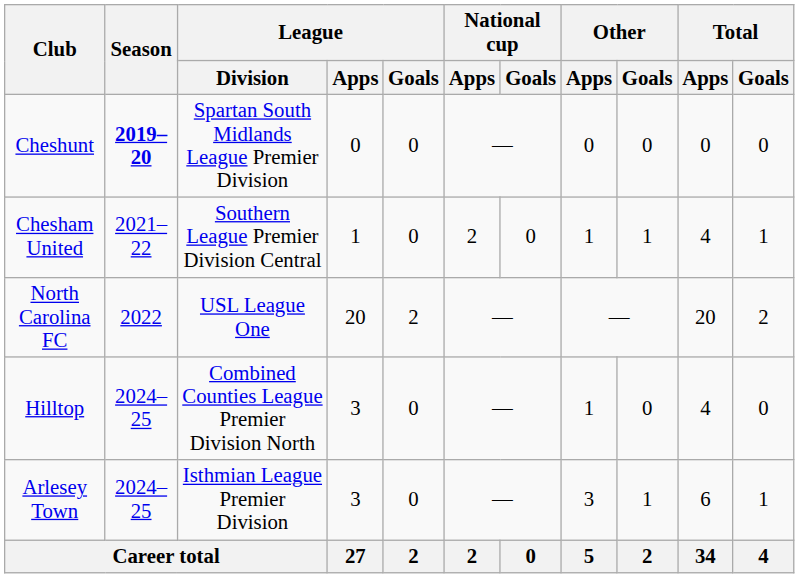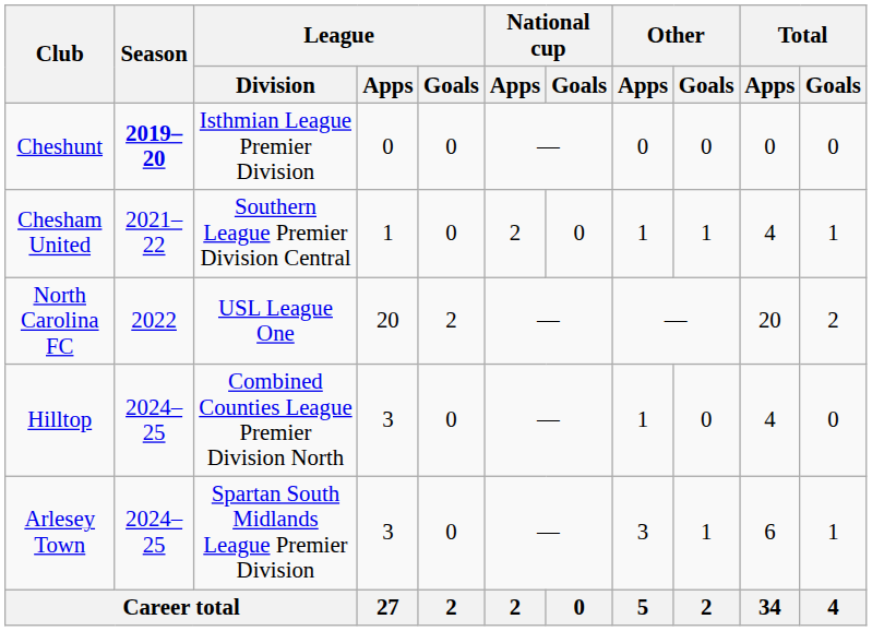 <table class="wikitable" style="text-align: center;">
 <tr>
 <th rowspan="2">Club</th>
 <th rowspan="2">Season</th>
 <th colspan="3">League</th>
 <th colspan="2">National cup</th>
 <th colspan="2">Other</th>
 <th colspan="2">Total</th>
 </tr>
 <tr>
 <th>Division</th>
 <th>Apps</th>
 <th>Goals</th>
 <th>Apps</th>
 <th>Goals</th>
 <th>Apps</th>
 <th>Goals</th>
 <th>Apps</th>
 <th>Goals</th>
 </tr>
 <tr>
 <td><a href='#'>Cheshunt</a></td>
 <td><strong><a href='#'>2019–20</a></strong></td>
-<td><a href='#'>Spartan South Midlands League</a> Premier Division</td>
+<td><a href='#'>Isthmian League</a> Premier Division</td>
 <td>0</td>
 <td>0</td>
 <td colspan="2">—</td>
 <td>0</td>
 <td>0</td>
 <td>0</td>
 <td>0</td>
 </tr>
 <tr>
 <td><a href='#'>Chesham United</a></td>
 <td><a href='#'>2021–22</a></td>
 <td><a href='#'>Southern League</a> Premier Division Central</td>
 <td>1</td>
 <td>0</td>
 <td>2</td>
 <td>0</td>
 <td>1</td>
 <td>1</td>
 <td>4</td>
 <td>1</td>
 </tr>
 <tr>
 <td><a href='#'>North Carolina FC</a></td>
 <td><a href='#'>2022</a></td>
 <td><a href='#'>USL League One</a></td>
 <td>20</td>
 <td>2</td>
 <td colspan="2">—</td>
 <td colspan="2">—</td>
 <td>20</td>
 <td>2</td>
 </tr>
 <tr>
 <td><a href='#'>Hilltop</a></td>
 <td><a href='#'>2024–25</a></td>
 <td><a href='#'>Combined Counties League</a> Premier Division North</td>
 <td>3</td>
 <td>0</td>
 <td colspan="2">—</td>
 <td>1</td>
 <td>0</td>
 <td>4</td>
 <td>0</td>
 </tr>
 <tr>
 <td><a href='#'>Arlesey Town</a></td>
 <td><a href='#'>2024–25</a></td>
-<td><a href='#'>Isthmian League</a> Premier Division</td>
+<td><a href='#'>Spartan South Midlands League</a> Premier Division</td>
 <td>3</td>
 <td>0</td>
 <td colspan="2">—</td>
 <td>3</td>
 <td>1</td>
 <td>6</td>
 <td>1</td>
 </tr>
 <tr>
 <th colspan="3">Career total</th>
 <th>27</th>
 <th>2</th>
 <th>2</th>
 <th>0</th>
 <th>5</th>
 <th>2</th>
 <th>34</th>
 <th>4</th>
 </tr>
 </table>
